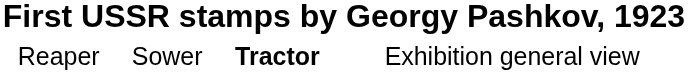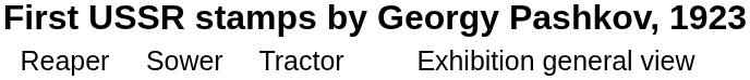 <table style="border-collapse:collapse" align="center" class="standard">
 <tr>
 <th colspan=4>First USSR stamps by Georgy Pashkov, 1923</th>
 </tr>
 <tr>
 <td></td>
 <td></td>
 <td></td>
 <td></td>
 </tr>
 <tr style="text-align:center; font-size:78%">
 <td>Reaper</td>
 <td>Sower</td>
-<td><strong>Tractor</strong></td>
+<td>Tractor</td>
 <td>Exhibition general view</td>
 </tr>
 </table>
